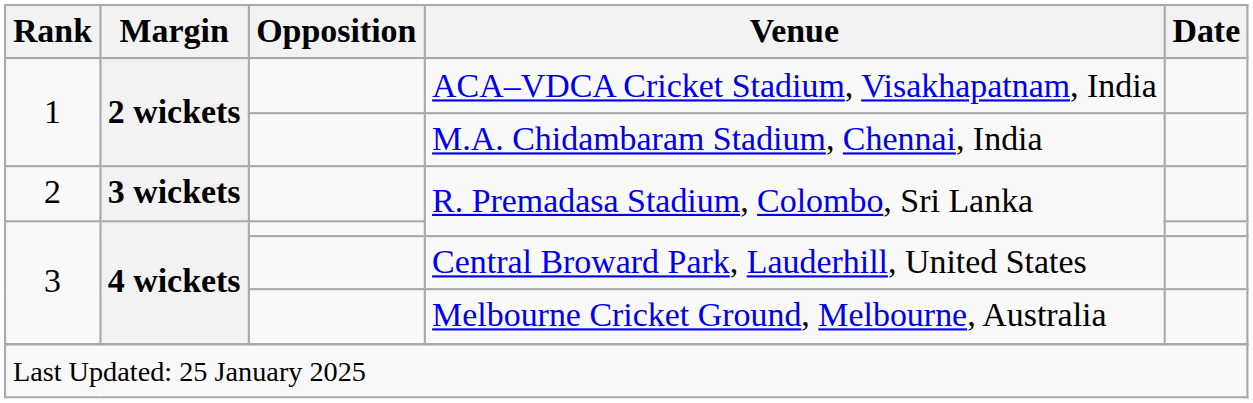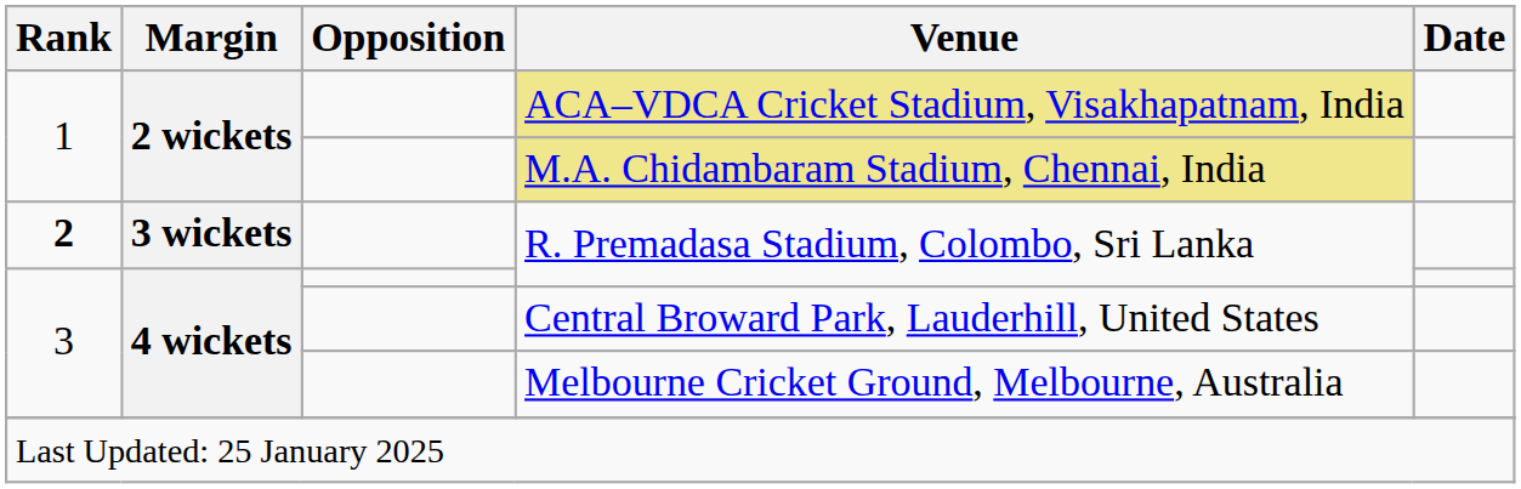 <table class="wikitable sortable">
 <tr>
 <th scope=col>Rank</th>
 <th scope=col>Margin</th>
 <th scope=col>Opposition</th>
 <th scope=col>Venue</th>
 <th scope=col>Date</th>
 </tr>
 <tr>
 <td align=center rowspan=2>1</td>
 <th scope=row style=text-align:center rowspan=2>2 wickets</th>
 <td></td>
-<td><a href='#'>ACA–VDCA Cricket Stadium</a>, <a href='#'>Visakhapatnam</a>, India</td>
+<td style="background: khaki;"><a href='#'>ACA–VDCA Cricket Stadium</a>, <a href='#'>Visakhapatnam</a>, India</td>
 <td></td>
 </tr>
 <tr>
 <td></td>
-<td><a href='#'>M.A. Chidambaram Stadium</a>, <a href='#'>Chennai</a>, India</td>
+<td style="background: khaki;"><a href='#'>M.A. Chidambaram Stadium</a>, <a href='#'>Chennai</a>, India</td>
 <td></td>
 </tr>
 <tr>
-<td align=center>2</td>
+<td align=center><strong>2</strong></td>
 <th scope=row style=text-align:center>3 wickets</th>
 <td></td>
 <td rowspan=2><a href='#'>R. Premadasa Stadium</a>, <a href='#'>Colombo</a>, Sri Lanka</td>
 <td></td>
 </tr>
 <tr>
 <td align=center rowspan=3>3</td>
 <th scope=row style=text-align:center rowspan=3>4 wickets</th>
 <td></td>
 <td></td>
 </tr>
 <tr>
 <td></td>
 <td><a href='#'>Central Broward Park</a>, <a href='#'>Lauderhill</a>, United States</td>
 <td></td>
 </tr>
 <tr>
 <td></td>
 <td><a href='#'>Melbourne Cricket Ground</a>, <a href='#'>Melbourne</a>, Australia</td>
 <td></td>
 </tr>
 <tr>
 </tr>
 <tr class=sortbottom>
 <td colspan=6><small>Last Updated: 25 January 2025</small></td>
 </tr>
 </table>
